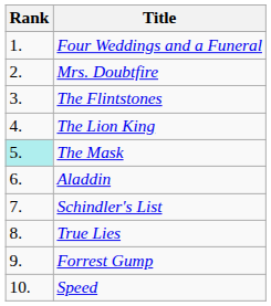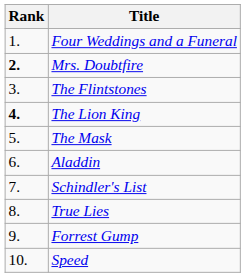 <table class="wikitable sortable" style="margin:auto; margin:auto;">
 <tr>
 <th>Rank</th>
 <th>Title</th>
 </tr>
 <tr>
 <td>1.</td>
 <td><em><a href='#'>Four Weddings and a Funeral</a></em></td>
 </tr>
 <tr>
-<td>2.</td>
+<td><strong>2.</strong></td>
 <td><em><a href='#'>Mrs. Doubtfire</a></em></td>
 </tr>
 <tr>
 <td>3.</td>
 <td><em><a href='#'>The Flintstones</a></em></td>
 </tr>
 <tr>
-<td>4.</td>
+<td><strong>4.</strong></td>
 <td><em><a href='#'>The Lion King</a></em></td>
 </tr>
 <tr>
-<td style="background: paleturquoise;">5.</td>
+<td>5.</td>
 <td><em><a href='#'>The Mask</a></em></td>
 </tr>
 <tr>
 <td>6.</td>
 <td><em><a href='#'>Aladdin</a></em></td>
 </tr>
 <tr>
 <td>7.</td>
 <td><em><a href='#'>Schindler's List</a></em></td>
 </tr>
 <tr>
 <td>8.</td>
 <td><em><a href='#'>True Lies</a></em></td>
 </tr>
 <tr>
 <td>9.</td>
 <td><em><a href='#'>Forrest Gump</a></em></td>
 </tr>
 <tr>
 <td>10.</td>
 <td><em><a href='#'>Speed</a></em></td>
 </tr>
 </table>
